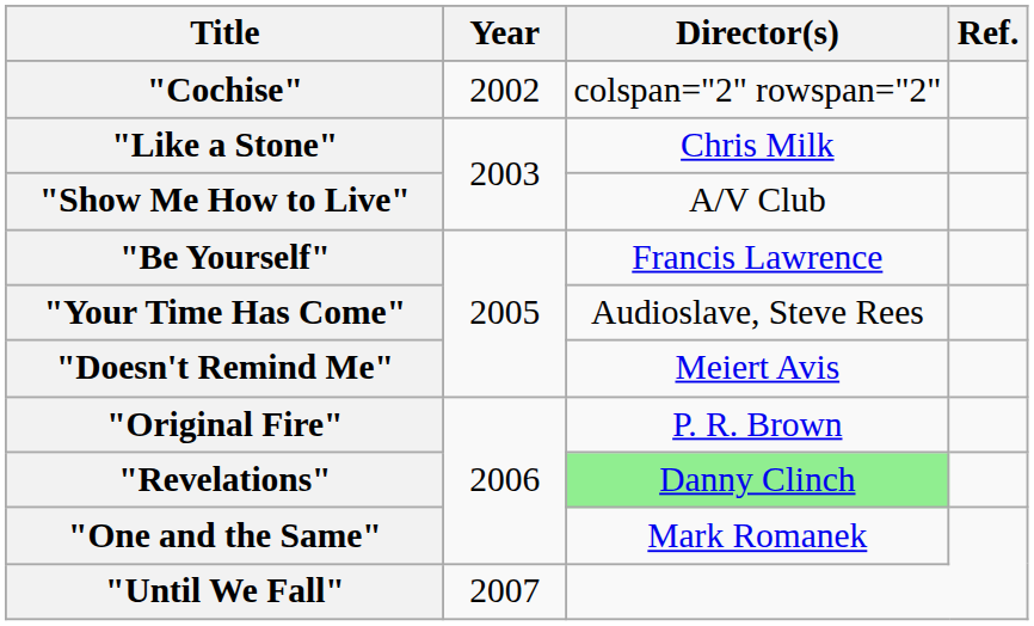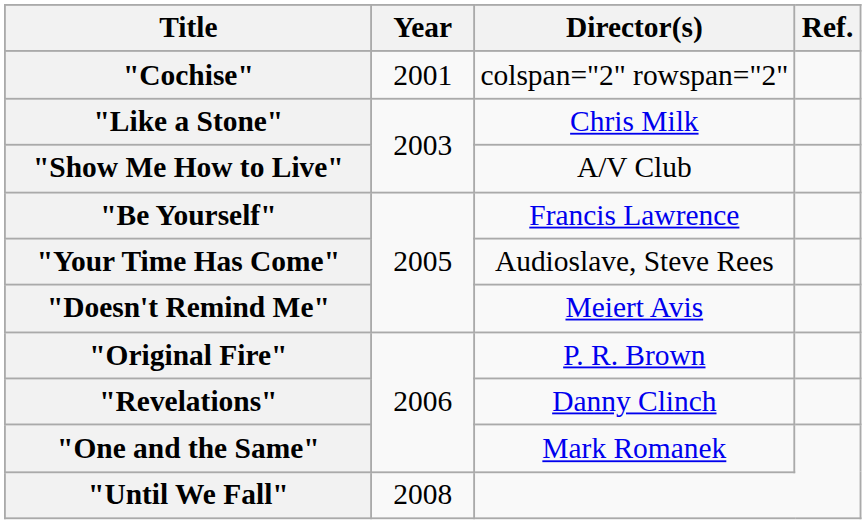 <table class="wikitable plainrowheaders" style="text-align:center;">
 <tr>
 <th scope="col" style="width:12em;">Title</th>
 <th scope="col" style="width:3em;">Year</th>
 <th scope="col">Director(s)</th>
 <th scope="col">Ref.</th>
 </tr>
 <tr>
 <th scope="row">"Cochise"</th>
-<td>2002</td>
+<td>2001</td>
 <td>colspan="2" rowspan="2" </td>
 <td></td>
 </tr>
 <tr>
 <th scope="row">"Like a Stone"</th>
 <td rowspan="2">2003</td>
 <td><a href='#'>Chris Milk</a></td>
 <td></td>
 </tr>
 <tr>
 <th scope="row">"Show Me How to Live"</th>
 <td>A/V Club</td>
 <td></td>
 </tr>
 <tr>
 <th scope="row">"Be Yourself"</th>
 <td rowspan="3">2005</td>
 <td><a href='#'>Francis Lawrence</a></td>
 <td></td>
 </tr>
 <tr>
 <th scope="row">"Your Time Has Come"</th>
 <td>Audioslave, Steve Rees</td>
 <td></td>
 </tr>
 <tr>
 <th scope="row">"Doesn't Remind Me"</th>
 <td><a href='#'>Meiert Avis</a></td>
 <td></td>
 </tr>
 <tr>
 <th scope="row">"Original Fire"</th>
 <td rowspan="3">2006</td>
 <td><a href='#'>P. R. Brown</a></td>
 <td></td>
 </tr>
 <tr>
 <th scope="row">"Revelations"</th>
-<td style="background: lightgreen;"><a href='#'>Danny Clinch</a></td>
+<td><a href='#'>Danny Clinch</a></td>
 <td></td>
 </tr>
 <tr>
 <th scope="row">"One and the Same"</th>
 <td><a href='#'>Mark Romanek</a></td>
 </tr>
 <tr>
 <th scope="row">"Until We Fall"</th>
-<td>2007</td>
+<td>2008</td>
 </tr>
 </table>
